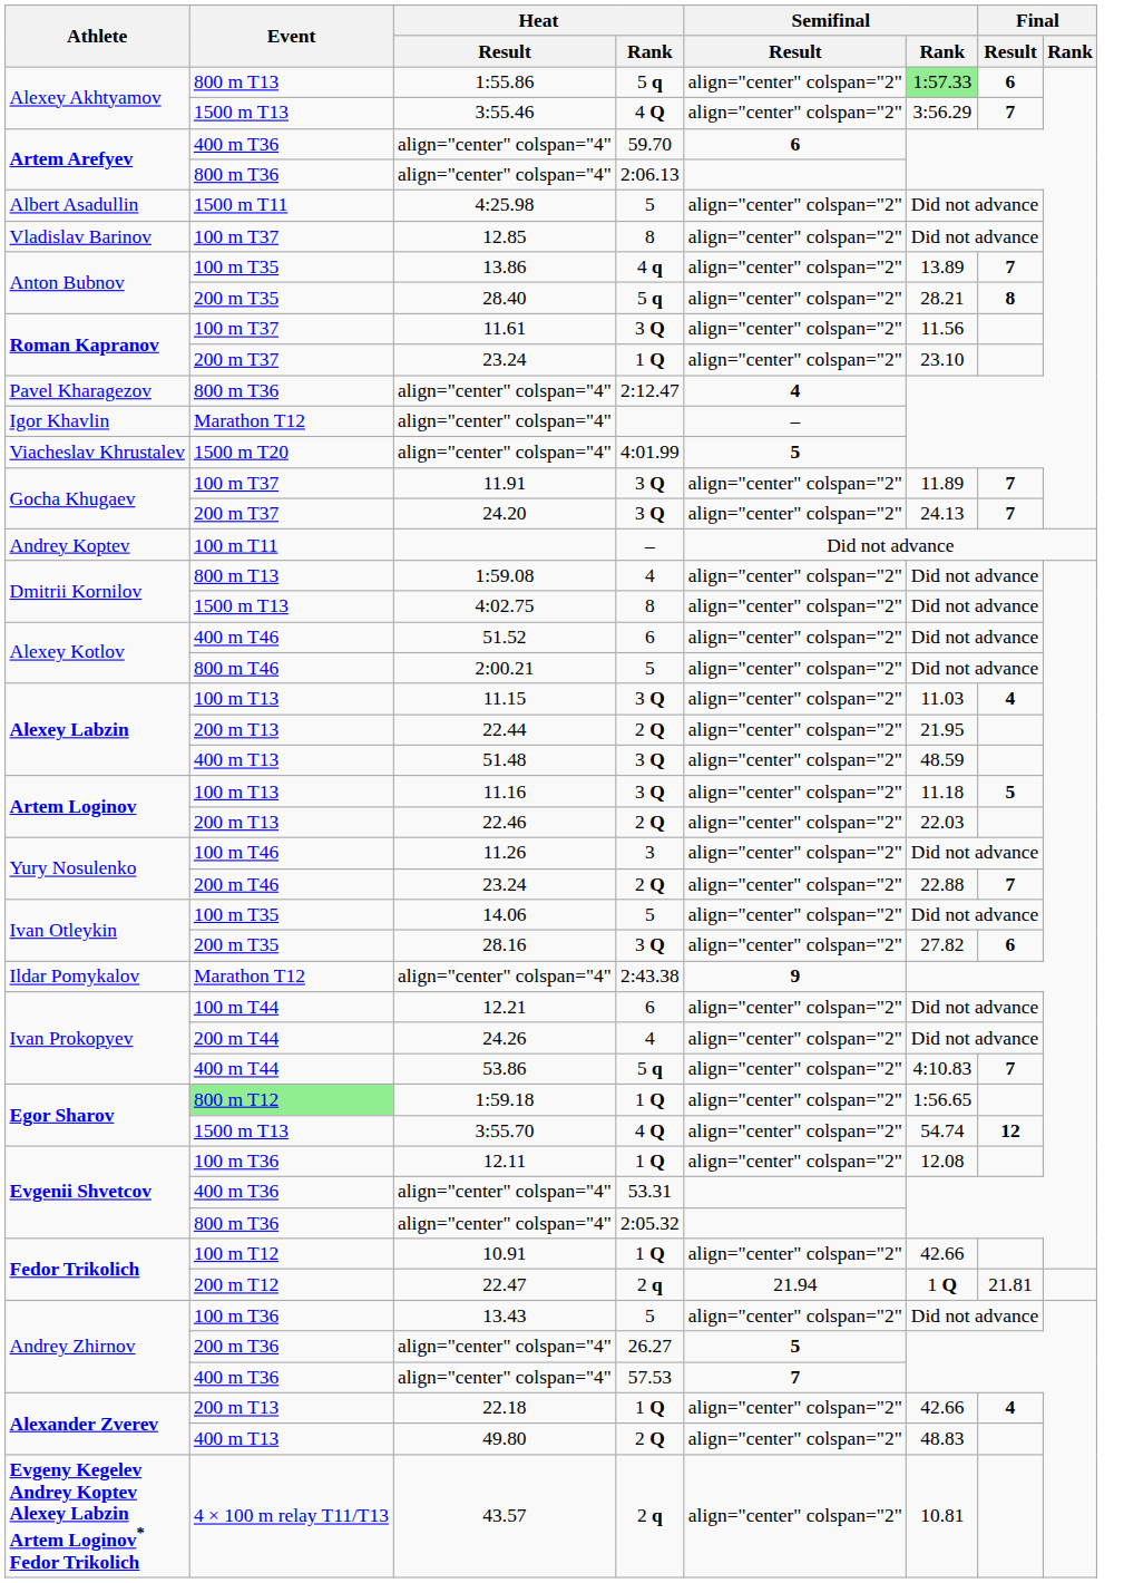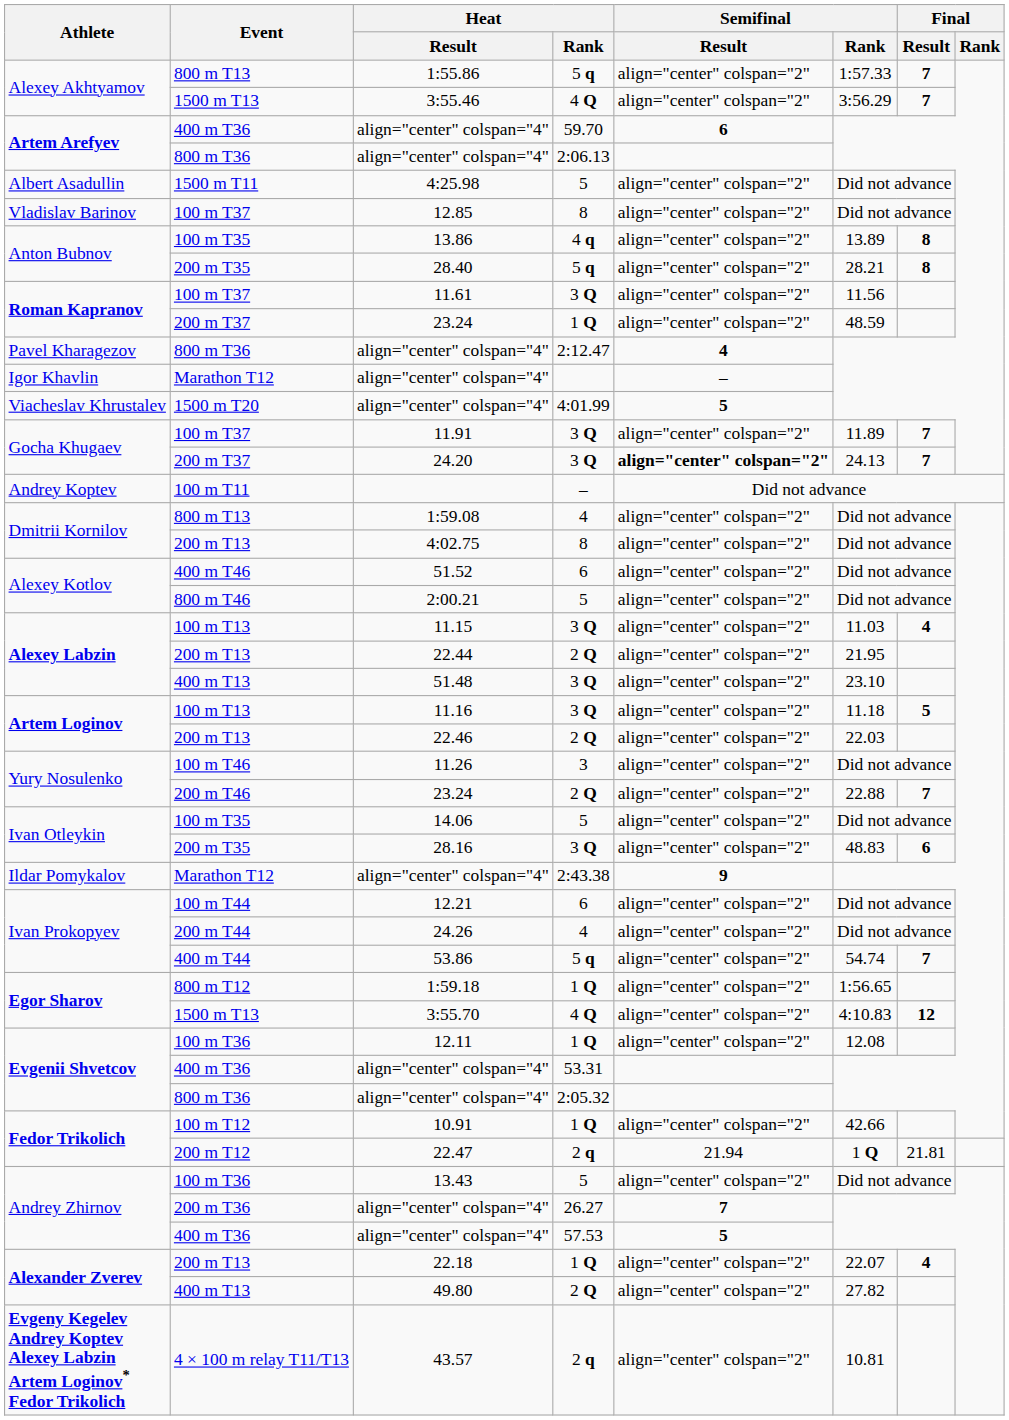 <table class="wikitable">
 <tr>
 <th rowspan="2">Athlete</th>
 <th rowspan="2">Event</th>
 <th colspan="2">Heat</th>
 <th colspan="2">Semifinal</th>
 <th colspan="2">Final</th>
 </tr>
 <tr>
 <th>Result</th>
 <th>Rank</th>
 <th>Result</th>
 <th>Rank</th>
 <th>Result</th>
 <th>Rank</th>
 </tr>
 <tr>
 <td rowspan=2><a href='#'>Alexey Akhtyamov</a></td>
 <td><a href='#'>800 m T13</a></td>
 <td align="center">1:55.86 <strong></strong></td>
 <td align="center">5 <strong>q</strong></td>
 <td>align="center" colspan="2" </td>
-<td align="center" style="background: lightgreen;">1:57.33</td>
-<td align="center"><strong>6</strong></td>
+<td align="center">1:57.33</td>
+<td align="center"><strong>7</strong></td>
 </tr>
 <tr>
 <td><a href='#'>1500 m T13</a></td>
 <td align="center">3:55.46 <strong></strong></td>
 <td align="center">4 <strong>Q</strong></td>
 <td>align="center" colspan="2" </td>
 <td align="center">3:56.29</td>
 <td align="center"><strong>7</strong></td>
 </tr>
 <tr>
 <td rowspan=2><strong><a href='#'>Artem Arefyev</a></strong></td>
 <td><a href='#'>400 m T36</a></td>
 <td>align="center" colspan="4" </td>
 <td align="center">59.70</td>
 <td align="center"><strong>6</strong></td>
 </tr>
 <tr>
 <td><a href='#'>800 m T36</a></td>
 <td>align="center" colspan="4" </td>
 <td align="center">2:06.13 <strong></strong></td>
 <td align="center"></td>
 </tr>
 <tr>
 <td><a href='#'>Albert Asadullin</a></td>
 <td><a href='#'>1500 m T11</a></td>
 <td align="center">4:25.98</td>
 <td align="center">5</td>
 <td>align="center" colspan="2" </td>
 <td align="center" colspan=2>Did not advance</td>
 </tr>
 <tr>
 <td><a href='#'>Vladislav Barinov</a></td>
 <td><a href='#'>100 m T37</a></td>
 <td align="center">12.85</td>
 <td align="center">8</td>
 <td>align="center" colspan="2" </td>
 <td align="center" colspan=2>Did not advance</td>
 </tr>
 <tr>
 <td rowspan=2><a href='#'>Anton Bubnov</a></td>
 <td><a href='#'>100 m T35</a></td>
 <td align="center">13.86</td>
 <td align="center">4 <strong>q</strong></td>
 <td>align="center" colspan="2" </td>
 <td align="center">13.89</td>
-<td align="center"><strong>7</strong></td>
+<td align="center"><strong>8</strong></td>
 </tr>
 <tr>
 <td><a href='#'>200 m T35</a></td>
 <td align="center">28.40</td>
 <td align="center">5 <strong>q</strong></td>
 <td>align="center" colspan="2" </td>
 <td align="center">28.21 <strong></strong></td>
 <td align="center"><strong>8</strong></td>
 </tr>
 <tr>
 <td rowspan=2><strong><a href='#'>Roman Kapranov</a></strong></td>
 <td><a href='#'>100 m T37</a></td>
 <td align="center">11.61 <strong></strong></td>
 <td align="center">3 <strong>Q</strong></td>
 <td>align="center" colspan="2" </td>
 <td align="center">11.56 <strong></strong></td>
 <td align="center"></td>
 </tr>
 <tr>
 <td><a href='#'>200 m T37</a></td>
 <td align="center">23.24 <strong></strong></td>
 <td align="center">1 <strong>Q</strong></td>
 <td>align="center" colspan="2" </td>
-<td align="center">23.10 <strong></strong></td>
+<td align="center">48.59 <strong></strong></td>
 <td align="center"></td>
 </tr>
 <tr>
 <td><a href='#'>Pavel Kharagezov</a></td>
 <td><a href='#'>800 m T36</a></td>
 <td>align="center" colspan="4" </td>
 <td align="center">2:12.47 <strong></strong></td>
 <td align="center"><strong>4</strong></td>
 </tr>
 <tr>
 <td><a href='#'>Igor Khavlin</a></td>
 <td><a href='#'>Marathon T12</a></td>
 <td>align="center" colspan="4" </td>
 <td align="center"></td>
 <td align="center">–</td>
 </tr>
 <tr>
 <td><a href='#'>Viacheslav Khrustalev</a></td>
 <td><a href='#'>1500 m T20</a></td>
 <td>align="center" colspan="4" </td>
 <td align="center">4:01.99</td>
 <td align="center"><strong>5</strong></td>
 </tr>
 <tr>
 <td rowspan=2><a href='#'>Gocha Khugaev</a></td>
 <td><a href='#'>100 m T37</a></td>
 <td align="center">11.91 <strong></strong></td>
 <td align="center">3 <strong>Q</strong></td>
 <td>align="center" colspan="2" </td>
 <td align="center">11.89 <strong></strong></td>
 <td align="center"><strong>7</strong></td>
 </tr>
 <tr>
 <td><a href='#'>200 m T37</a></td>
 <td align="center">24.20</td>
 <td align="center">3 <strong>Q</strong></td>
-<td>align="center" colspan="2" </td>
+<td><strong>align="center" colspan="2" </strong></td>
 <td align="center">24.13</td>
 <td align="center"><strong>7</strong></td>
 </tr>
 <tr>
 <td><a href='#'>Andrey Koptev</a></td>
 <td><a href='#'>100 m T11</a></td>
 <td align="center"></td>
 <td align="center">–</td>
 <td align="center" colspan=4>Did not advance</td>
 </tr>
 <tr>
 <td rowspan=2><a href='#'>Dmitrii Kornilov</a></td>
 <td><a href='#'>800 m T13</a></td>
 <td align="center">1:59.08</td>
 <td align="center">4</td>
 <td>align="center" colspan="2" </td>
 <td align="center" colspan=2>Did not advance</td>
 </tr>
 <tr>
-<td><a href='#'>1500 m T13</a></td>
+<td><a href='#'>200 m T13</a></td>
 <td align="center">4:02.75</td>
 <td align="center">8</td>
 <td>align="center" colspan="2" </td>
 <td align="center" colspan=2>Did not advance</td>
 </tr>
 <tr>
 <td rowspan=2><a href='#'>Alexey Kotlov</a></td>
 <td><a href='#'>400 m T46</a></td>
 <td align="center">51.52</td>
 <td align="center">6</td>
 <td>align="center" colspan="2" </td>
 <td align="center" colspan=2>Did not advance</td>
 </tr>
 <tr>
 <td><a href='#'>800 m T46</a></td>
 <td align="center">2:00.21</td>
 <td align="center">5</td>
 <td>align="center" colspan="2" </td>
 <td align="center" colspan=2>Did not advance</td>
 </tr>
 <tr>
 <td rowspan=3><strong><a href='#'>Alexey Labzin</a></strong></td>
 <td><a href='#'>100 m T13</a></td>
 <td align="center">11.15</td>
 <td align="center">3 <strong>Q</strong></td>
 <td>align="center" colspan="2" </td>
 <td align="center">11.03 <strong></strong></td>
 <td align="center"><strong>4</strong></td>
 </tr>
 <tr>
 <td><a href='#'>200 m T13</a></td>
 <td align="center">22.44</td>
 <td align="center">2 <strong>Q</strong></td>
 <td>align="center" colspan="2" </td>
 <td align="center">21.95 <strong></strong></td>
 <td align="center"></td>
 </tr>
 <tr>
 <td><a href='#'>400 m T13</a></td>
 <td align="center">51.48</td>
 <td align="center">3 <strong>Q</strong></td>
 <td>align="center" colspan="2" </td>
-<td align="center">48.59 <strong></strong></td>
+<td align="center">23.10 <strong></strong></td>
 <td align="center"></td>
 </tr>
 <tr>
 <td rowspan=2><strong><a href='#'>Artem Loginov</a></strong></td>
 <td><a href='#'>100 m T13</a></td>
 <td align="center">11.16</td>
 <td align="center">3 <strong>Q</strong></td>
 <td>align="center" colspan="2" </td>
 <td align="center">11.18</td>
 <td align="center"><strong>5</strong></td>
 </tr>
 <tr>
 <td><a href='#'>200 m T13</a></td>
 <td align="center">22.46</td>
 <td align="center">2 <strong>Q</strong></td>
 <td>align="center" colspan="2" </td>
 <td align="center">22.03 <strong></strong></td>
 <td align="center"></td>
 </tr>
 <tr>
 <td rowspan=2><a href='#'>Yury Nosulenko</a></td>
 <td><a href='#'>100 m T46</a></td>
 <td align="center">11.26</td>
 <td align="center">3</td>
 <td>align="center" colspan="2" </td>
 <td align="center" colspan=2>Did not advance</td>
 </tr>
 <tr>
 <td><a href='#'>200 m T46</a></td>
 <td align="center">23.24</td>
 <td align="center">2 <strong>Q</strong></td>
 <td>align="center" colspan="2" </td>
 <td align="center">22.88</td>
 <td align="center"><strong>7</strong></td>
 </tr>
 <tr>
 <td rowspan=2><a href='#'>Ivan Otleykin</a></td>
 <td><a href='#'>100 m T35</a></td>
 <td align="center">14.06</td>
 <td align="center">5</td>
 <td>align="center" colspan="2" </td>
 <td align="center" colspan=2>Did not advance</td>
 </tr>
 <tr>
 <td><a href='#'>200 m T35</a></td>
 <td align="center">28.16</td>
 <td align="center">3 <strong>Q</strong></td>
 <td>align="center" colspan="2" </td>
-<td align="center">27.82 <strong></strong></td>
+<td align="center">48.83 <strong></strong></td>
 <td align="center"><strong>6</strong></td>
 </tr>
 <tr>
 <td><a href='#'>Ildar Pomykalov</a></td>
 <td><a href='#'>Marathon T12</a></td>
 <td>align="center" colspan="4" </td>
 <td align="center">2:43.38</td>
 <td align="center"><strong>9</strong></td>
 </tr>
 <tr>
 <td rowspan=3><a href='#'>Ivan Prokopyev</a></td>
 <td><a href='#'>100 m T44</a></td>
 <td align="center">12.21</td>
 <td align="center">6</td>
 <td>align="center" colspan="2" </td>
 <td align="center" colspan=2>Did not advance</td>
 </tr>
 <tr>
 <td><a href='#'>200 m T44</a></td>
 <td align="center">24.26</td>
 <td align="center">4</td>
 <td>align="center" colspan="2" </td>
 <td align="center" colspan=2>Did not advance</td>
 </tr>
 <tr>
 <td><a href='#'>400 m T44</a></td>
 <td align="center">53.86</td>
 <td align="center">5 <strong>q</strong></td>
 <td>align="center" colspan="2" </td>
-<td align="center">4:10.83</td>
+<td align="center">54.74</td>
 <td align="center"><strong>7</strong></td>
 </tr>
 <tr>
 <td rowspan=2><strong><a href='#'>Egor Sharov</a></strong></td>
-<td style="background: lightgreen;"><a href='#'>800 m T12</a></td>
+<td><a href='#'>800 m T12</a></td>
 <td align="center">1:59.18</td>
 <td align="center">1 <strong>Q</strong></td>
 <td>align="center" colspan="2" </td>
 <td align="center">1:56.65</td>
 <td align="center"></td>
 </tr>
 <tr>
 <td><a href='#'>1500 m T13</a></td>
 <td align="center">3:55.70 <strong></strong></td>
 <td align="center">4 <strong>Q</strong></td>
 <td>align="center" colspan="2" </td>
-<td align="center">54.74</td>
+<td align="center">4:10.83</td>
 <td align="center"><strong>12</strong></td>
 </tr>
 <tr>
 <td rowspan=3><strong><a href='#'>Evgenii Shvetcov</a></strong></td>
 <td><a href='#'>100 m T36</a></td>
 <td align="center">12.11 <strong></strong></td>
 <td align="center">1 <strong>Q</strong></td>
 <td>align="center" colspan="2" </td>
 <td align="center">12.08 <strong></strong></td>
 <td align="center"></td>
 </tr>
 <tr>
 <td><a href='#'>400 m T36</a></td>
 <td>align="center" colspan="4" </td>
 <td align="center">53.31 <strong></strong></td>
 <td align="center"></td>
 </tr>
 <tr>
 <td><a href='#'>800 m T36</a></td>
 <td>align="center" colspan="4" </td>
 <td align="center">2:05.32 <strong></strong></td>
 <td align="center"></td>
 </tr>
 <tr>
 <td rowspan=2><strong><a href='#'>Fedor Trikolich</a></strong></td>
 <td><a href='#'>100 m T12</a></td>
 <td align="center">10.91 <strong></strong></td>
 <td align="center">1 <strong>Q</strong></td>
 <td>align="center" colspan="2" </td>
 <td align="center">42.66 <strong></strong></td>
 <td align="center"></td>
 </tr>
 <tr>
 <td><a href='#'>200 m T12</a></td>
 <td align="center">22.47</td>
 <td align="center">2 <strong>q</strong></td>
 <td align="center">21.94 <strong></strong></td>
 <td align="center">1 <strong>Q</strong></td>
 <td align="center">21.81 <strong></strong></td>
 <td align="center"></td>
 </tr>
 <tr>
 <td rowspan=3><a href='#'>Andrey Zhirnov</a></td>
 <td><a href='#'>100 m T36</a></td>
 <td align="center">13.43</td>
 <td align="center">5</td>
 <td>align="center" colspan="2" </td>
 <td align="center" colspan=2>Did not advance</td>
 </tr>
 <tr>
 <td><a href='#'>200 m T36</a></td>
 <td>align="center" colspan="4" </td>
 <td align="center">26.27</td>
-<td align="center"><strong>5</strong></td>
+<td align="center"><strong>7</strong></td>
 </tr>
 <tr>
 <td><a href='#'>400 m T36</a></td>
 <td>align="center" colspan="4" </td>
 <td align="center">57.53</td>
-<td align="center"><strong>7</strong></td>
+<td align="center"><strong>5</strong></td>
 </tr>
 <tr>
 <td rowspan=2><strong><a href='#'>Alexander Zverev</a></strong></td>
 <td><a href='#'>200 m T13</a></td>
 <td align="center">22.18 <strong></strong></td>
 <td align="center">1 <strong>Q</strong></td>
 <td>align="center" colspan="2" </td>
-<td align="center">42.66 <strong></strong></td>
+<td align="center">22.07 <strong></strong></td>
 <td align="center"><strong>4</strong></td>
 </tr>
 <tr>
 <td><a href='#'>400 m T13</a></td>
 <td align="center">49.80</td>
 <td align="center">2 <strong>Q</strong></td>
 <td>align="center" colspan="2" </td>
-<td align="center">48.83 <strong></strong></td>
+<td align="center">27.82 <strong></strong></td>
 <td align="center"></td>
 </tr>
 <tr>
 <td><strong><a href='#'>Evgeny Kegelev</a><br><a href='#'>Andrey Koptev</a><br><a href='#'>Alexey Labzin</a><br><a href='#'>Artem Loginov</a><sup>*</sup><br><a href='#'>Fedor Trikolich</a></strong></td>
 <td><a href='#'>4 × 100 m relay T11/T13</a></td>
 <td align="center">43.57</td>
 <td align="center">2 <strong>q</strong></td>
 <td>align="center" colspan="2" </td>
 <td align="center">10.81 <strong></strong></td>
 <td align="center"></td>
 </tr>
 </table>
